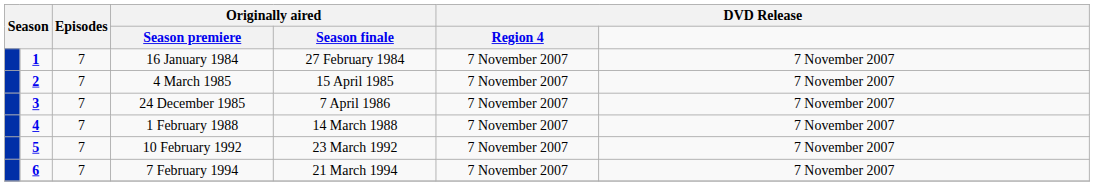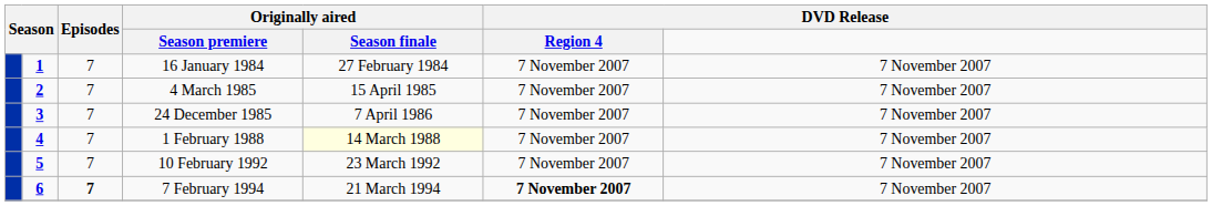 <table class="wikitable">
 <tr>
 <th colspan="2" rowspan="2" width=3%>Season</th>
 <th rowspan="2" width=5%>Episodes</th>
 <th colspan="2">Originally aired</th>
 <th colspan="2">DVD Release</th>
 </tr>
 <tr>
 <th width=15%><a href='#'>Season premiere</a></th>
 <th width=15%><a href='#'>Season finale</a></th>
 <th width=15%><a href='#'>Region 4</a></th>
 </tr>
 <tr>
 <td bgcolor="002FA7" height="10px"></td>
 <td align="center"><strong><a href='#'>1</a></strong></td>
 <td align="center">7</td>
 <td align="center">16 January 1984</td>
 <td align="center">27 February 1984</td>
 <td align="center">7 November 2007</td>
 <td align="center">7 November 2007</td>
 </tr>
 <tr>
 <td bgcolor="002FA7" height="10px"></td>
 <td align="center"><strong><a href='#'>2</a></strong></td>
 <td align="center">7</td>
 <td align="center">4 March 1985</td>
 <td align="center">15 April 1985</td>
 <td align="center">7 November 2007</td>
 <td align="center">7 November 2007</td>
 </tr>
 <tr>
 <td bgcolor="002FA7" height="10px"></td>
 <td align="center"><strong><a href='#'>3</a></strong></td>
 <td align="center">7</td>
 <td align="center">24 December 1985</td>
 <td align="center">7 April 1986</td>
 <td align="center">7 November 2007</td>
 <td align="center">7 November 2007</td>
 </tr>
 <tr>
 <td bgcolor="002FA7" height="10px"></td>
 <td align="center"><strong><a href='#'>4</a></strong></td>
 <td align="center">7</td>
 <td align="center">1 February 1988</td>
-<td align="center">14 March 1988</td>
+<td align="center" style="background: lightyellow;">14 March 1988</td>
 <td align="center">7 November 2007</td>
 <td align="center">7 November 2007</td>
 </tr>
 <tr>
 <td bgcolor="002FA7" height="10px"></td>
 <td align="center"><strong><a href='#'>5</a></strong></td>
 <td align="center">7</td>
 <td align="center">10 February 1992</td>
 <td align="center">23 March 1992</td>
 <td align="center">7 November 2007</td>
 <td align="center">7 November 2007</td>
 </tr>
 <tr>
 <td bgcolor="002FA7" height="10px"></td>
 <td align="center"><strong><a href='#'>6</a></strong></td>
-<td align="center">7</td>
+<td align="center"><strong>7</strong></td>
 <td align="center">7 February 1994</td>
 <td align="center">21 March 1994</td>
-<td align="center">7 November 2007</td>
+<td align="center"><strong>7 November 2007</strong></td>
 <td align="center">7 November 2007</td>
 </tr>
 <tr>
 </tr>
 </table>
